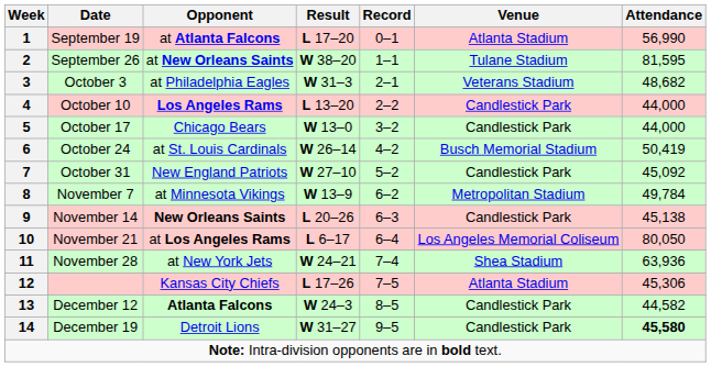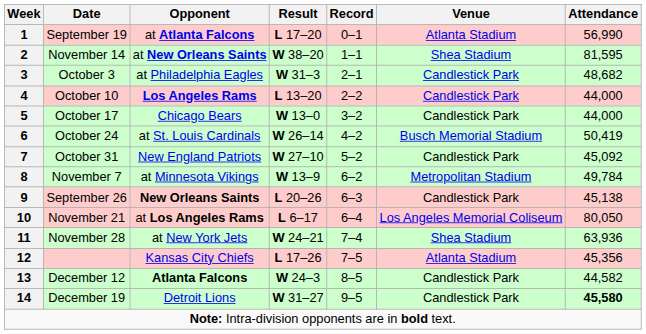 <table class="wikitable" style="text-align:center">
 <tr>
 <th>Week</th>
 <th>Date</th>
 <th>Opponent</th>
 <th>Result</th>
 <th>Record</th>
 <th>Venue</th>
 <th>Attendance</th>
 </tr>
 <tr style="background:#fcc">
 <th>1</th>
 <td>September 19</td>
 <td>at <strong><a href='#'>Atlanta Falcons</a></strong></td>
 <td><strong>L</strong> 17–20</td>
 <td>0–1</td>
 <td><a href='#'>Atlanta Stadium</a></td>
 <td>56,990</td>
 </tr>
 <tr style="background:#cfc">
 <th>2</th>
-<td>September 26</td>
+<td>November 14</td>
 <td>at <strong><a href='#'>New Orleans Saints</a></strong></td>
 <td><strong>W</strong> 38–20</td>
 <td>1–1</td>
-<td><a href='#'>Tulane Stadium</a></td>
+<td><a href='#'>Shea Stadium</a></td>
 <td>81,595</td>
 </tr>
 <tr style="background:#cfc">
 <th>3</th>
 <td>October 3</td>
 <td>at <a href='#'>Philadelphia Eagles</a></td>
 <td><strong>W</strong> 31–3</td>
 <td>2–1</td>
-<td><a href='#'>Veterans Stadium</a></td>
+<td><a href='#'>Candlestick Park</a></td>
 <td>48,682</td>
 </tr>
 <tr style="background:#fcc">
 <th>4</th>
 <td>October 10</td>
 <td><strong><a href='#'>Los Angeles Rams</a></strong></td>
 <td><strong>L</strong> 13–20</td>
 <td>2–2</td>
 <td><a href='#'>Candlestick Park</a></td>
 <td>44,000</td>
 </tr>
 <tr style="background:#cfc">
 <th>5</th>
 <td>October 17</td>
 <td><a href='#'>Chicago Bears</a></td>
 <td><strong>W</strong> 13–0</td>
 <td>3–2</td>
 <td>Candlestick Park</td>
 <td>44,000</td>
 </tr>
 <tr style="background:#cfc">
 <th>6</th>
 <td>October 24</td>
 <td>at <a href='#'>St. Louis Cardinals</a></td>
 <td><strong>W</strong> 26–14</td>
 <td>4–2</td>
 <td><a href='#'>Busch Memorial Stadium</a></td>
 <td>50,419</td>
 </tr>
 <tr style="background:#cfc">
 <th>7</th>
 <td>October 31</td>
 <td><a href='#'>New England Patriots</a></td>
 <td><strong>W</strong> 27–10</td>
 <td>5–2</td>
 <td>Candlestick Park</td>
 <td>45,092</td>
 </tr>
 <tr style="background:#cfc">
 <th>8</th>
 <td>November 7</td>
 <td>at <a href='#'>Minnesota Vikings</a></td>
 <td><strong>W</strong> 13–9</td>
 <td>6–2</td>
 <td><a href='#'>Metropolitan Stadium</a></td>
 <td>49,784</td>
 </tr>
 <tr style="background:#fcc">
 <th>9</th>
-<td>November 14</td>
+<td>September 26</td>
 <td><strong>New Orleans Saints</strong></td>
 <td><strong>L</strong> 20–26</td>
 <td>6–3</td>
 <td>Candlestick Park</td>
 <td>45,138</td>
 </tr>
 <tr style="background:#fcc">
 <th>10</th>
 <td>November 21</td>
 <td>at <strong>Los Angeles Rams</strong></td>
 <td><strong>L</strong> 6–17</td>
 <td>6–4</td>
 <td><a href='#'>Los Angeles Memorial Coliseum</a></td>
 <td>80,050</td>
 </tr>
 <tr style="background:#cfc">
 <th>11</th>
 <td>November 28</td>
 <td>at <a href='#'>New York Jets</a></td>
 <td><strong>W</strong> 24–21</td>
 <td>7–4</td>
 <td><a href='#'>Shea Stadium</a></td>
 <td>63,936</td>
 </tr>
 <tr style="background:#fcc">
 <th>12</th>
 <td></td>
 <td><a href='#'>Kansas City Chiefs</a></td>
 <td><strong>L</strong> 17–26</td>
 <td>7–5</td>
 <td><a href='#'>Atlanta Stadium</a></td>
-<td>45,306</td>
+<td>45,356</td>
 </tr>
 <tr style="background:#cfc">
 <th>13</th>
 <td>December 12</td>
 <td><strong>Atlanta Falcons</strong></td>
 <td><strong>W</strong> 24–3</td>
 <td>8–5</td>
 <td>Candlestick Park</td>
 <td>44,582</td>
 </tr>
 <tr style="background:#cfc">
 <th>14</th>
 <td>December 19</td>
 <td><a href='#'>Detroit Lions</a></td>
 <td><strong>W</strong> 31–27</td>
 <td>9–5</td>
 <td>Candlestick Park</td>
 <td><strong>45,580</strong></td>
 </tr>
 <tr>
 <td colspan="8"><strong>Note:</strong> Intra-division opponents are in <strong>bold</strong> text.</td>
 </tr>
 </table>
